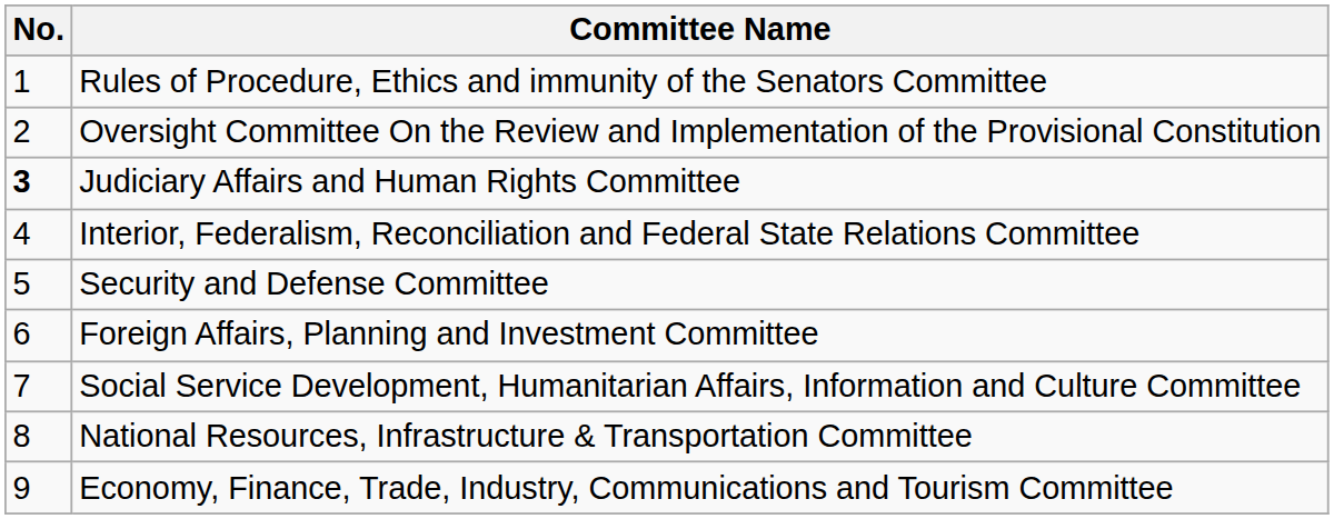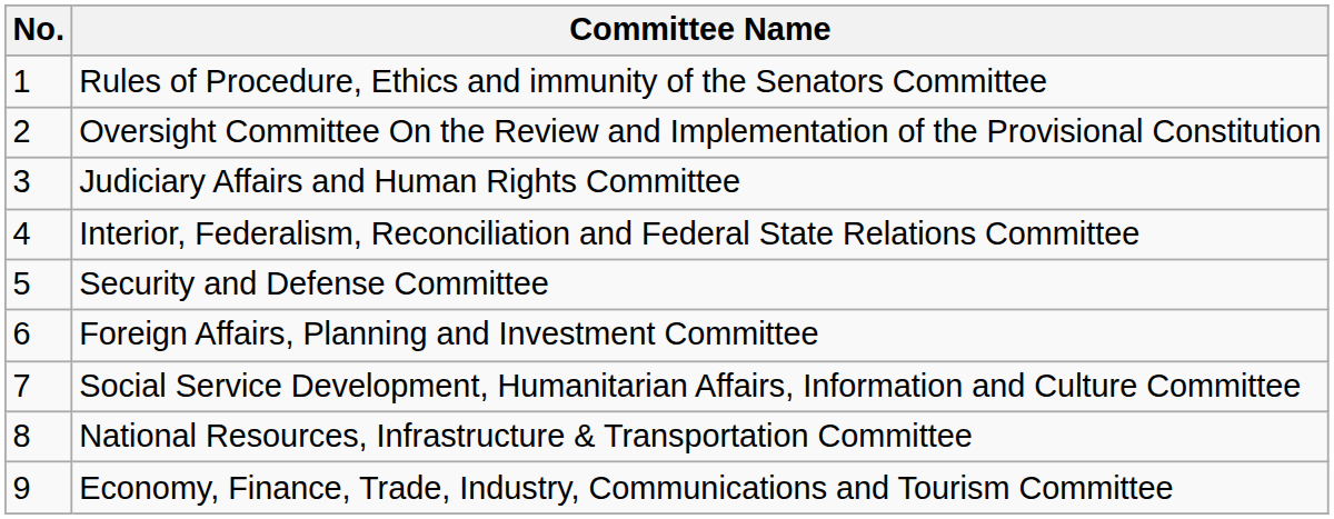 <table class="wikitable sortable">
 <tr>
 <th>No.</th>
 <th>Committee Name</th>
 </tr>
 <tr>
 <td>1</td>
 <td>Rules of Procedure, Ethics and immunity of the Senators Committee</td>
 </tr>
 <tr>
 <td>2</td>
 <td>Oversight Committee On the Review and Implementation of the Provisional Constitution</td>
 </tr>
 <tr>
-<td><strong>3</strong></td>
+<td>3</td>
 <td>Judiciary Affairs and Human Rights Committee</td>
 </tr>
 <tr>
 <td>4</td>
 <td>Interior, Federalism, Reconciliation and Federal State Relations Committee</td>
 </tr>
 <tr>
 <td>5</td>
 <td>Security and Defense Committee</td>
 </tr>
 <tr>
 <td>6</td>
 <td>Foreign Affairs, Planning and Investment Committee</td>
 </tr>
 <tr>
 <td>7</td>
 <td>Social Service Development, Humanitarian Affairs, Information and Culture Committee</td>
 </tr>
 <tr>
 <td>8</td>
 <td>National Resources, Infrastructure & Transportation Committee</td>
 </tr>
 <tr>
 <td>9</td>
 <td>Economy, Finance, Trade, Industry, Communications and Tourism Committee</td>
 </tr>
 </table>
